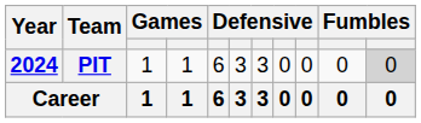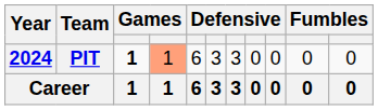 <table class="wikitable" style="text-align:center;">
 <tr>
 <th rowspan="2">Year</th>
 <th rowspan="2">Team</th>
 <th colspan="2">Games</th>
 <th colspan="5">Defensive</th>
 <th colspan="2">Fumbles</th>
 </tr>
 <tr>
 <th></th>
 <th></th>
 <th></th>
 <th></th>
 <th></th>
 <th></th>
 <th></th>
 <th></th>
 <th></th>
 </tr>
 <tr>
 <th><a href='#'>2024</a></th>
 <th><a href='#'>PIT</a></th>
-<td>1</td>
-<td>1</td>
+<td><strong>1</strong></td>
+<td style="background: lightsalmon;">1</td>
 <td>6</td>
 <td>3</td>
 <td>3</td>
 <td>0</td>
 <td>0</td>
 <td>0</td>
-<td style="background: lightgrey;">0</td>
+<td>0</td>
 </tr>
 <tr>
 <th colspan="2">Career</th>
 <th>1</th>
 <th>1</th>
 <th>6</th>
 <th>3</th>
 <th>3</th>
 <th>0</th>
 <th>0</th>
 <th>0</th>
 <th>0</th>
 </tr>
 </table>
